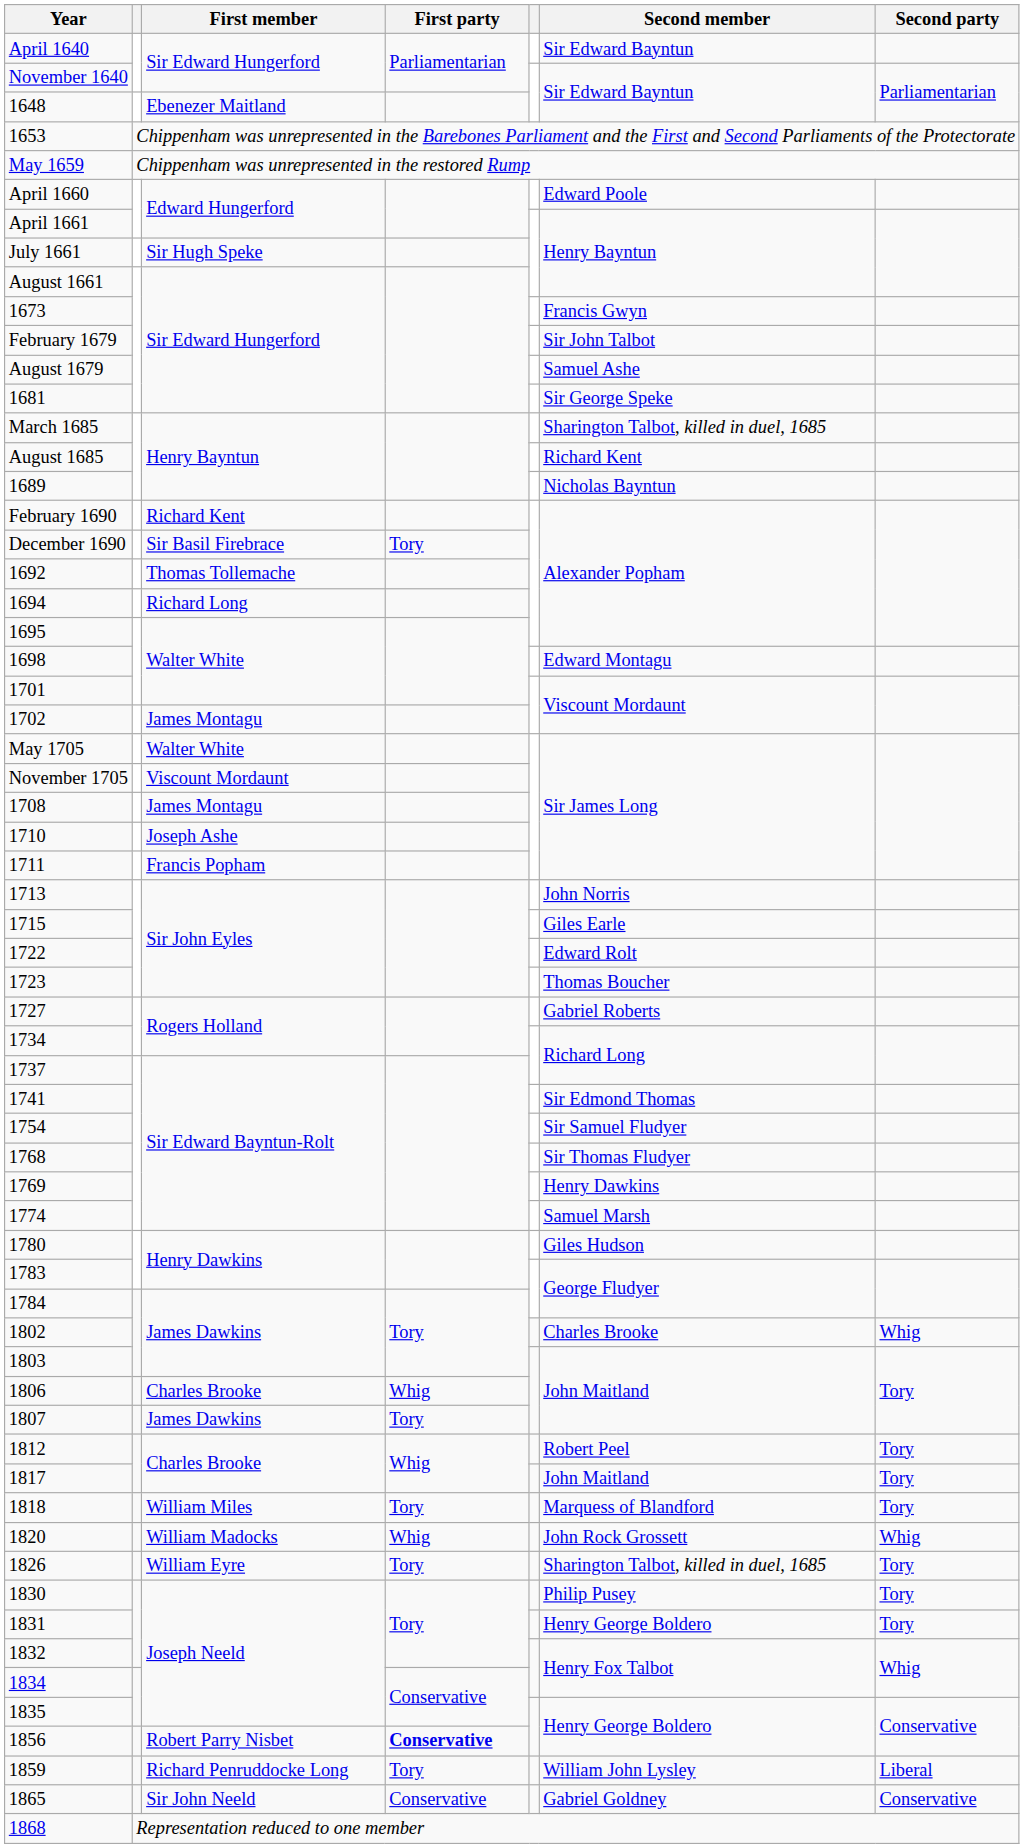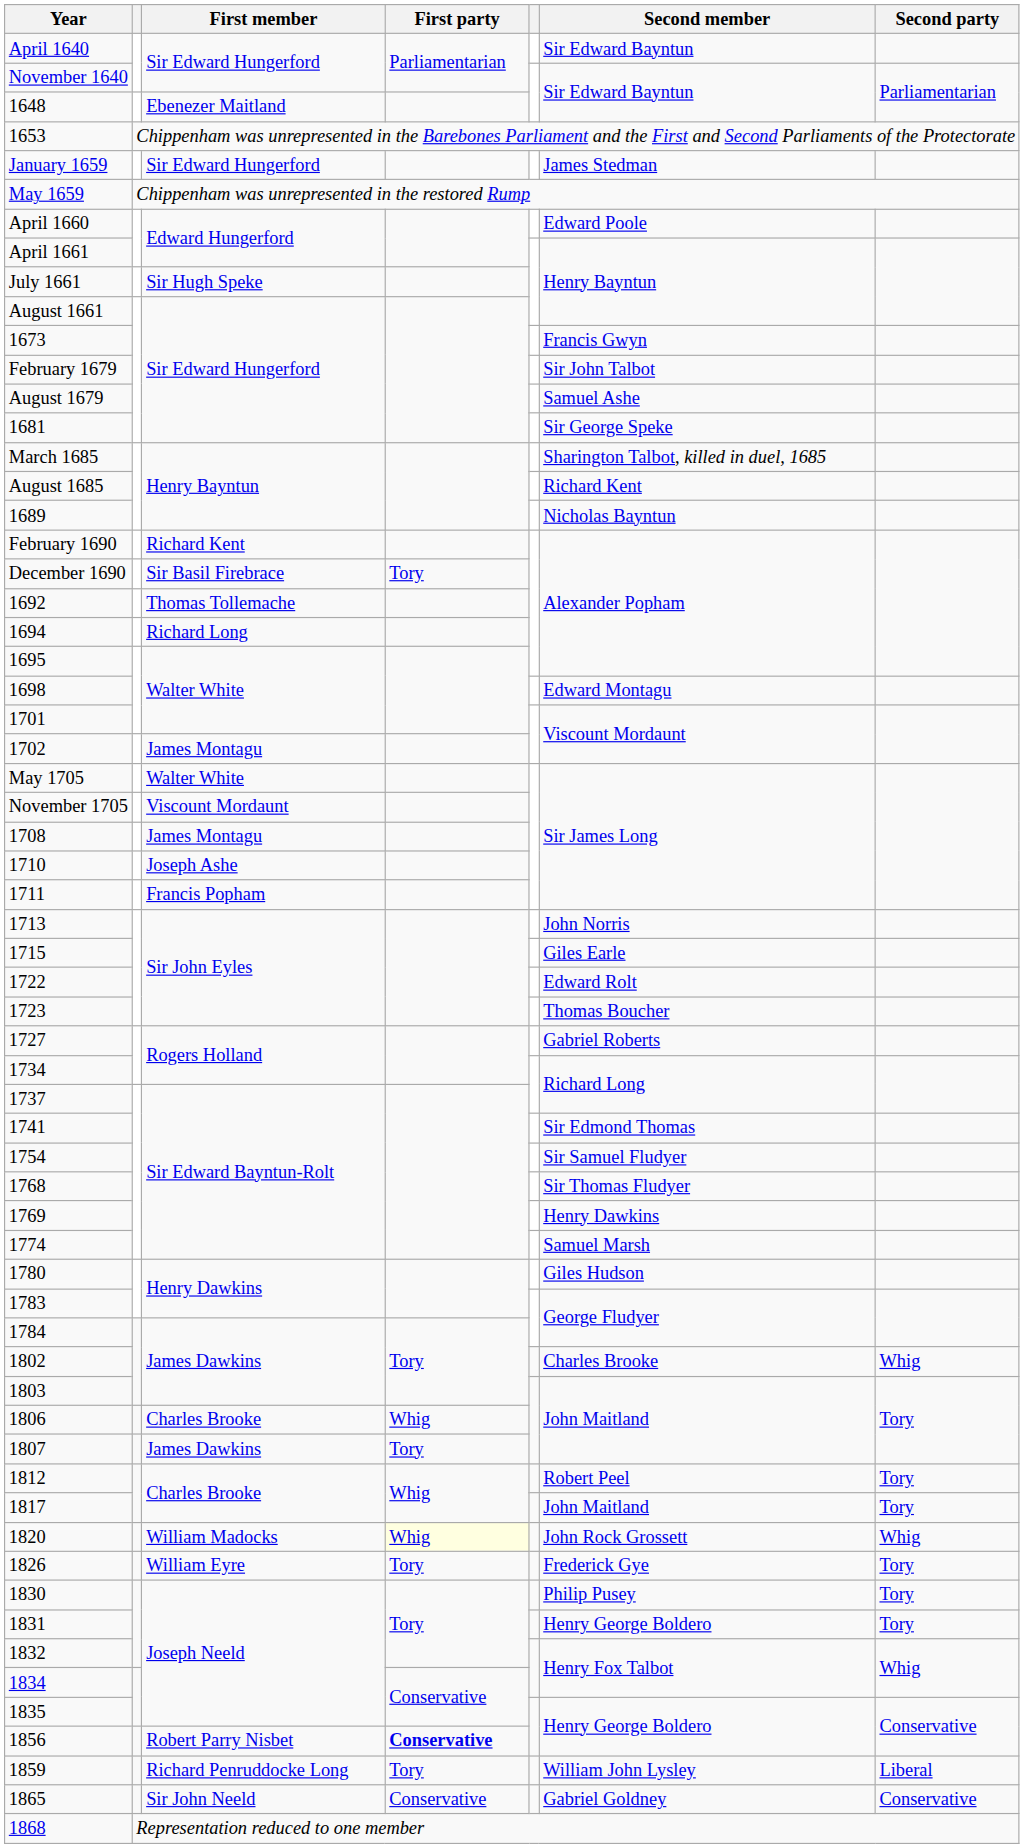 <table class="wikitable">
 <tr>
 <th>Year</th>
 <th></th>
 <th>First member</th>
 <th>First party</th>
 <th></th>
 <th>Second member</th>
 <th>Second party</th>
 </tr>
 <tr>
 <td><a href='#'>April 1640</a></td>
 <td rowspan="2" style="color:inherit;background:white;"></td>
 <td rowspan="2"><a href='#'>Sir Edward Hungerford</a></td>
 <td rowspan="2"><a href='#'>Parliamentarian</a></td>
 <td style="color:inherit;background:white;"></td>
 <td><a href='#'>Sir Edward Bayntun</a></td>
 <td></td>
 </tr>
 <tr>
 <td><a href='#'>November 1640</a></td>
 <td rowspan="2" style="color:inherit;background:white;"></td>
 <td rowspan="2"><a href='#'>Sir Edward Bayntun</a></td>
 <td rowspan="2"><a href='#'>Parliamentarian</a></td>
 </tr>
 <tr>
 <td>1648</td>
 <td style="color:inherit;background:white;"></td>
 <td><a href='#'>Ebenezer Maitland</a></td>
 <td></td>
 </tr>
 <tr>
 <td>1653</td>
 <td colspan="6"><em>Chippenham was unrepresented in the <a href='#'>Barebones Parliament</a> and the <a href='#'>First</a> and <a href='#'>Second</a> Parliaments of the Protectorate</em></td>
+</tr>
+<tr>
+<td><a href='#'>January 1659</a></td>
+<td style="color:inherit;background:white;"></td>
+<td><a href='#'>Sir Edward Hungerford</a></td>
+<td></td>
+<td style="color:inherit;background:white;"></td>
+<td><a href='#'>James Stedman</a></td>
+<td></td>
 </tr>
 <tr>
 <td><a href='#'>May 1659</a></td>
 <td colspan="6"><em>Chippenham was unrepresented in the restored <a href='#'>Rump</a></em></td>
 </tr>
 <tr>
 <td>April 1660</td>
 <td rowspan="2" style="color:inherit;background:white;"></td>
 <td rowspan="2"><a href='#'>Edward Hungerford</a></td>
 <td rowspan="2"></td>
 <td style="color:inherit;background:white;"></td>
 <td><a href='#'>Edward Poole</a></td>
 <td></td>
 </tr>
 <tr>
 <td>April 1661</td>
 <td rowspan="3" style="color:inherit;background:white;"></td>
 <td rowspan="3"><a href='#'>Henry Bayntun</a></td>
 <td rowspan="3"></td>
 </tr>
 <tr>
 <td>July 1661</td>
 <td style="color:inherit;background:white;"></td>
 <td><a href='#'>Sir Hugh Speke</a></td>
 <td></td>
 </tr>
 <tr>
 <td>August 1661</td>
 <td rowspan="5" style="color:inherit;background:white;"></td>
 <td rowspan="5"><a href='#'>Sir Edward Hungerford</a></td>
 <td rowspan="5"></td>
 </tr>
 <tr>
 <td>1673</td>
 <td style="color:inherit;background:white;"></td>
 <td><a href='#'>Francis Gwyn</a></td>
 <td></td>
 </tr>
 <tr>
 <td>February 1679</td>
 <td style="color:inherit;background:white;"></td>
 <td><a href='#'>Sir John Talbot</a></td>
 <td></td>
 </tr>
 <tr>
 <td>August 1679</td>
 <td style="color:inherit;background:white;"></td>
 <td><a href='#'>Samuel Ashe</a></td>
 <td></td>
 </tr>
 <tr>
 <td>1681</td>
 <td style="color:inherit;background:white;"></td>
 <td><a href='#'>Sir George Speke</a></td>
 <td></td>
 </tr>
 <tr>
 <td>March 1685</td>
 <td rowspan="3" style="color:inherit;background:white;"></td>
 <td rowspan="3"><a href='#'>Henry Bayntun</a></td>
 <td rowspan="3"></td>
 <td style="color:inherit;background:white;"></td>
 <td><a href='#'>Sharington Talbot</a>, <em>killed in duel, 1685</em></td>
 <td></td>
 </tr>
 <tr>
 <td>August 1685</td>
 <td style="color:inherit;background:white;"></td>
 <td><a href='#'>Richard Kent</a></td>
 <td></td>
 </tr>
 <tr>
 <td>1689</td>
 <td style="color:inherit;background:white;"></td>
 <td><a href='#'>Nicholas Bayntun</a></td>
 <td></td>
 </tr>
 <tr>
 <td>February 1690</td>
 <td style="color:inherit;background:white;"></td>
 <td><a href='#'>Richard Kent</a></td>
 <td></td>
 <td rowspan="5" style="color:inherit;background:white;"></td>
 <td rowspan="5"><a href='#'>Alexander Popham</a></td>
 <td rowspan="5"></td>
 </tr>
 <tr>
 <td>December 1690</td>
 <td style="color:inherit;background:white;"></td>
 <td><a href='#'>Sir Basil Firebrace</a></td>
 <td><a href='#'>Tory</a></td>
 </tr>
 <tr>
 <td>1692</td>
 <td style="color:inherit;background:white;"></td>
 <td><a href='#'>Thomas Tollemache</a></td>
 <td></td>
 </tr>
 <tr>
 <td>1694</td>
 <td style="color:inherit;background:white;"></td>
 <td><a href='#'>Richard Long</a></td>
 <td></td>
 </tr>
 <tr>
 <td>1695</td>
 <td rowspan="3" style="color:inherit;background:white;"></td>
 <td rowspan="3"><a href='#'>Walter White</a></td>
 <td rowspan="3"></td>
 </tr>
 <tr>
 <td>1698</td>
 <td style="color:inherit;background:white;"></td>
 <td><a href='#'>Edward Montagu</a></td>
 <td></td>
 </tr>
 <tr>
 <td>1701</td>
 <td rowspan="2" style="color:inherit;background:white;"></td>
 <td rowspan="2"><a href='#'>Viscount Mordaunt</a></td>
 <td rowspan="2"></td>
 </tr>
 <tr>
 <td>1702</td>
 <td style="color:inherit;background:white;"></td>
 <td><a href='#'>James Montagu</a></td>
 <td></td>
 </tr>
 <tr>
 <td>May 1705</td>
 <td style="color:inherit;background:white;"></td>
 <td><a href='#'>Walter White</a></td>
 <td></td>
 <td rowspan="5" style="color:inherit;background:white;"></td>
 <td rowspan="5"><a href='#'>Sir James Long</a></td>
 <td rowspan="5"></td>
 </tr>
 <tr>
 <td>November 1705</td>
 <td style="color:inherit;background:white;"></td>
 <td><a href='#'>Viscount Mordaunt</a></td>
 <td></td>
 </tr>
 <tr>
 <td>1708</td>
 <td style="color:inherit;background:white;"></td>
 <td><a href='#'>James Montagu</a></td>
 <td></td>
 </tr>
 <tr>
 <td>1710</td>
 <td style="color:inherit;background:white;"></td>
 <td><a href='#'>Joseph Ashe</a></td>
 <td></td>
 </tr>
 <tr>
 <td>1711</td>
 <td style="color:inherit;background:white;"></td>
 <td><a href='#'>Francis Popham</a></td>
 <td></td>
 </tr>
 <tr>
 <td>1713</td>
 <td rowspan="4" style="color:inherit;background:white;"></td>
 <td rowspan="4"><a href='#'>Sir John Eyles</a></td>
 <td rowspan="4"></td>
 <td style="color:inherit;background:white;"></td>
 <td><a href='#'>John Norris</a></td>
 <td></td>
 </tr>
 <tr>
 <td>1715</td>
 <td style="color:inherit;background:white;"></td>
 <td><a href='#'>Giles Earle</a></td>
 <td></td>
 </tr>
 <tr>
 <td>1722</td>
 <td style="color:inherit;background:white;"></td>
 <td><a href='#'>Edward Rolt</a></td>
 <td></td>
 </tr>
 <tr>
 <td>1723</td>
 <td style="color:inherit;background:white;"></td>
 <td><a href='#'>Thomas Boucher</a></td>
 <td></td>
 </tr>
 <tr>
 <td>1727</td>
 <td rowspan="2" style="color:inherit;background:white;"></td>
 <td rowspan="2"><a href='#'>Rogers Holland</a></td>
 <td rowspan="2"></td>
 <td style="color:inherit;background:white;"></td>
 <td><a href='#'>Gabriel Roberts</a></td>
 <td></td>
 </tr>
 <tr>
 <td>1734</td>
 <td rowspan="2" style="color:inherit;background:white;"></td>
 <td rowspan="2"><a href='#'>Richard Long</a></td>
 <td rowspan="2"></td>
 </tr>
 <tr>
 <td>1737</td>
 <td rowspan="6" style="color:inherit;background:white;"></td>
 <td rowspan="6"><a href='#'>Sir Edward Bayntun-Rolt</a></td>
 <td rowspan="6"></td>
 </tr>
 <tr>
 <td>1741</td>
 <td style="color:inherit;background:white;"></td>
 <td><a href='#'>Sir Edmond Thomas</a></td>
 <td></td>
 </tr>
 <tr>
 <td>1754</td>
 <td style="color:inherit;background:white;"></td>
 <td><a href='#'>Sir Samuel Fludyer</a></td>
 <td></td>
 </tr>
 <tr>
 <td>1768</td>
 <td style="color:inherit;background:white;"></td>
 <td><a href='#'>Sir Thomas Fludyer</a></td>
 <td></td>
 </tr>
 <tr>
 <td>1769</td>
 <td style="color:inherit;background:white;"></td>
 <td><a href='#'>Henry Dawkins</a></td>
 <td></td>
 </tr>
 <tr>
 <td>1774</td>
 <td style="color:inherit;background:white;"></td>
 <td><a href='#'>Samuel Marsh</a></td>
 <td></td>
 </tr>
 <tr>
 <td>1780</td>
 <td rowspan="2" style="color:inherit;background:white;"></td>
 <td rowspan="2"><a href='#'>Henry Dawkins</a></td>
 <td rowspan="2"></td>
 <td style="color:inherit;background:white;"></td>
 <td><a href='#'>Giles Hudson</a></td>
 <td></td>
 </tr>
 <tr>
 <td>1783</td>
 <td rowspan="2" style="color:inherit;background:white;"></td>
 <td rowspan="2"><a href='#'>George Fludyer</a></td>
 <td rowspan="2"></td>
 </tr>
 <tr>
 <td>1784</td>
 <td rowspan="3" style="color:inherit;background-color: "></td>
 <td rowspan="3"><a href='#'>James Dawkins</a></td>
 <td rowspan="3"><a href='#'>Tory</a></td>
 </tr>
 <tr>
 <td>1802</td>
 <td style="color:inherit;background-color: "></td>
 <td><a href='#'>Charles Brooke</a></td>
 <td><a href='#'>Whig</a></td>
 </tr>
 <tr>
 <td>1803</td>
 <td rowspan="3" style="color:inherit;background-color: "></td>
 <td rowspan="3"><a href='#'>John Maitland</a></td>
 <td rowspan="3"><a href='#'>Tory</a></td>
 </tr>
 <tr>
 <td>1806</td>
 <td style="color:inherit;background-color: "></td>
 <td><a href='#'>Charles Brooke</a></td>
 <td><a href='#'>Whig</a></td>
 </tr>
 <tr>
 <td>1807</td>
 <td style="color:inherit;background-color: "></td>
 <td><a href='#'>James Dawkins</a></td>
 <td><a href='#'>Tory</a></td>
 </tr>
 <tr>
 <td>1812</td>
 <td rowspan="2" style="color:inherit;background-color: "></td>
 <td rowspan="2"><a href='#'>Charles Brooke</a></td>
 <td rowspan="2"><a href='#'>Whig</a></td>
 <td style="color:inherit;background-color: "></td>
 <td><a href='#'>Robert Peel</a></td>
 <td><a href='#'>Tory</a></td>
 </tr>
 <tr>
 <td>1817</td>
 <td style="color:inherit;background-color: "></td>
 <td><a href='#'>John Maitland</a></td>
 <td><a href='#'>Tory</a></td>
 </tr>
 <tr>
-<td>1818</td>
-<td style="color:inherit;background-color: "></td>
-<td><a href='#'>William Miles</a></td>
-<td><a href='#'>Tory</a></td>
-<td style="color:inherit;background-color: "></td>
-<td><a href='#'>Marquess of Blandford</a></td>
-<td><a href='#'>Tory</a></td>
-</tr>
-<tr>
 <td>1820</td>
 <td style="color:inherit;background-color: "></td>
 <td><a href='#'>William Madocks</a></td>
-<td><a href='#'>Whig</a></td>
+<td style="background: lightyellow;"><a href='#'>Whig</a></td>
 <td style="color:inherit;background-color: "></td>
 <td><a href='#'>John Rock Grossett</a></td>
 <td><a href='#'>Whig</a></td>
 </tr>
 <tr>
 <td>1826</td>
 <td style="color:inherit;background-color: "></td>
 <td><a href='#'>William Eyre</a></td>
 <td><a href='#'>Tory</a></td>
 <td style="color:inherit;background-color: "></td>
-<td><a href='#'>Sharington Talbot</a>, <em>killed in duel, 1685</em></td>
+<td><a href='#'>Frederick Gye</a></td>
 <td><a href='#'>Tory</a></td>
 </tr>
 <tr>
 <td>1830</td>
 <td rowspan="3" style="color:inherit;background-color: "></td>
 <td rowspan="5"><a href='#'>Joseph Neeld</a></td>
 <td rowspan="3"><a href='#'>Tory</a></td>
 <td style="color:inherit;background-color: "></td>
 <td><a href='#'>Philip Pusey</a></td>
 <td><a href='#'>Tory</a></td>
 </tr>
 <tr>
 <td>1831</td>
 <td style="color:inherit;background-color: "></td>
 <td><a href='#'>Henry George Boldero</a></td>
 <td><a href='#'>Tory</a></td>
 </tr>
 <tr>
 <td>1832</td>
 <td rowspan="2" style="color:inherit;background-color: "></td>
 <td rowspan="2"><a href='#'>Henry Fox Talbot</a></td>
 <td rowspan="2"><a href='#'>Whig</a></td>
 </tr>
 <tr>
 <td><a href='#'>1834</a></td>
 <td rowspan="2" style="color:inherit;background-color: "></td>
 <td rowspan="2"><a href='#'>Conservative</a></td>
 </tr>
 <tr>
 <td>1835</td>
 <td rowspan="2" style="color:inherit;background-color: "></td>
 <td rowspan="2"><a href='#'>Henry George Boldero</a></td>
 <td rowspan="2"><a href='#'>Conservative</a></td>
 </tr>
 <tr>
 <td>1856</td>
 <td style="color:inherit;background-color: "></td>
 <td><a href='#'>Robert Parry Nisbet</a></td>
 <td><strong><a href='#'>Conservative</a></strong></td>
 </tr>
 <tr>
 <td>1859</td>
 <td style="color:inherit;background-color: "></td>
 <td><a href='#'>Richard Penruddocke Long</a></td>
 <td><a href='#'>Tory</a></td>
 <td style="color:inherit;background-color: "></td>
 <td><a href='#'>William John Lysley</a></td>
 <td><a href='#'>Liberal</a></td>
 </tr>
 <tr>
 <td>1865</td>
 <td style="color:inherit;background-color: "></td>
 <td><a href='#'>Sir John Neeld</a></td>
 <td><a href='#'>Conservative</a></td>
 <td style="color:inherit;background-color: "></td>
 <td><a href='#'>Gabriel Goldney</a></td>
 <td><a href='#'>Conservative</a></td>
 </tr>
 <tr>
 <td><a href='#'>1868</a></td>
 <td colspan="6"><em>Representation reduced to one member</em></td>
 </tr>
 </table>
